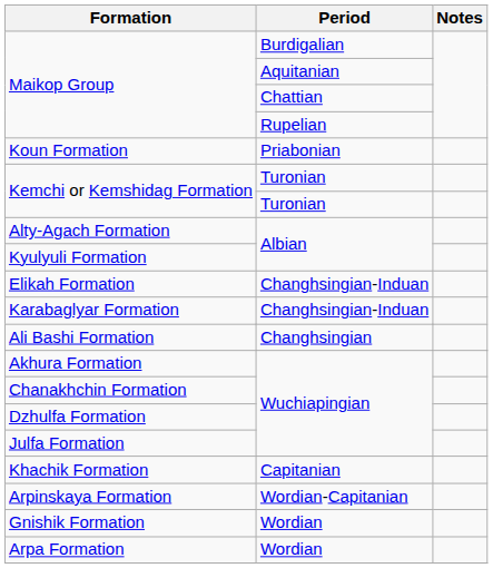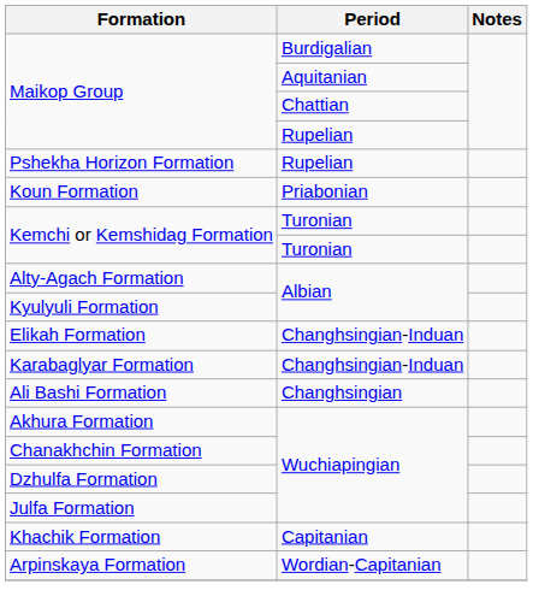 <table class="wikitable sortable">
 <tr>
 <th>Formation</th>
 <th>Period</th>
 <th class="unsortable">Notes</th>
 </tr>
 <tr>
 <td rowspan=4><a href='#'>Maikop Group</a></td>
 <td style="background-color: "><a href='#'>Burdigalian</a></td>
 <td align=center rowspan=4></td>
 </tr>
 <tr>
 <td style="background-color: "><a href='#'>Aquitanian</a></td>
 </tr>
 <tr>
 <td style="background-color: "><a href='#'>Chattian</a></td>
 </tr>
 <tr>
 <td style="background-color: "><a href='#'>Rupelian</a></td>
+</tr>
+<tr>
+<td><a href='#'>Pshekha Horizon Formation</a></td>
+<td style="background-color: "><a href='#'>Rupelian</a></td>
+<td align=center></td>
 </tr>
 <tr>
 <td><a href='#'>Koun Formation</a></td>
 <td style="background-color: "><a href='#'>Priabonian</a></td>
 <td align=center></td>
 </tr>
 <tr>
 <td rowspan=2><a href='#'>Kemchi</a> or <a href='#'>Kemshidag Formation</a></td>
 <td style="background-color: "><a href='#'>Turonian</a></td>
 <td align=center></td>
 </tr>
 <tr>
 <td style="background-color: "><a href='#'>Turonian</a></td>
 <td align=center></td>
 </tr>
 <tr>
 <td><a href='#'>Alty-Agach Formation</a></td>
 <td rowspan=2 style="background-color: "><a href='#'>Albian</a></td>
 <td align=center></td>
 </tr>
 <tr>
 <td><a href='#'>Kyulyuli Formation</a></td>
 <td align=center></td>
 </tr>
 <tr>
 <td><a href='#'>Elikah Formation</a></td>
 <td style="background-color: "><a href='#'>Changhsingian</a>-<a href='#'>Induan</a></td>
 <td align=center></td>
 </tr>
 <tr>
 <td rowspan=2><a href='#'>Karabaglyar Formation</a></td>
 <td style="background-color: "><a href='#'>Changhsingian</a>-<a href='#'>Induan</a></td>
 <td align=center rowspan=2></td>
 </tr>
 <tr>
 <td rowspan=3 style="background-color: "><a href='#'>Changhsingian</a></td>
 </tr>
 <tr>
 <td><a href='#'>Ali Bashi Formation</a></td>
 <td align=center></td>
 </tr>
 <tr>
 <td rowspan=2><a href='#'>Akhura Formation</a></td>
 <td align=center rowspan=2></td>
 </tr>
 <tr>
 <td rowspan=5 style="background-color: "><a href='#'>Wuchiapingian</a></td>
 </tr>
 <tr>
 <td><a href='#'>Chanakhchin Formation</a></td>
 <td align=center></td>
 </tr>
 <tr>
 <td><a href='#'>Dzhulfa Formation</a></td>
 <td align=center></td>
 </tr>
 <tr>
 <td><a href='#'>Julfa Formation</a></td>
 <td align=center></td>
 </tr>
 <tr>
 <td rowspan=2><a href='#'>Khachik Formation</a></td>
 <td align=center rowspan=2></td>
 </tr>
 <tr>
 <td style="background-color: "><a href='#'>Capitanian</a></td>
 </tr>
 <tr>
 <td><a href='#'>Arpinskaya Formation</a></td>
 <td style="background-color: "><a href='#'>Wordian</a>-<a href='#'>Capitanian</a></td>
 <td align=center></td>
 </tr>
 <tr>
-<td><a href='#'>Gnishik Formation</a></td>
-<td style="background-color: "><a href='#'>Wordian</a></td>
-<td align=center></td>
-</tr>
-<tr>
-<td><a href='#'>Arpa Formation</a></td>
-<td style="background-color: "><a href='#'>Wordian</a></td>
-<td align=center></td>
-</tr>
-<tr>
 </tr>
 </table>
